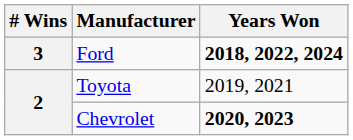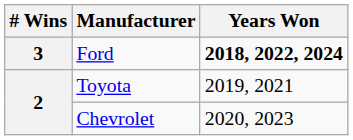 <table class="wikitable" style="font-size: 95%;">
 <tr>
 <th># Wins</th>
 <th>Manufacturer</th>
 <th>Years Won</th>
 </tr>
 <tr>
 <th>3</th>
 <td><a href='#'>Ford</a></td>
 <td><strong>2018, 2022, 2024</strong></td>
 </tr>
 <tr>
 <th rowspan=2>2</th>
 <td><a href='#'>Toyota</a></td>
 <td>2019, 2021</td>
 </tr>
 <tr>
 <td><a href='#'>Chevrolet</a></td>
-<td><strong>2020, 2023</strong></td>
+<td>2020, 2023</td>
 </tr>
 </table>
